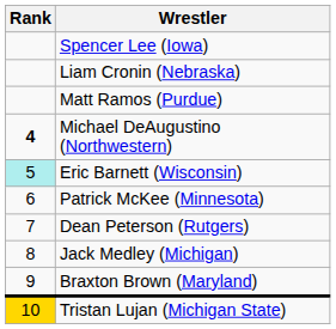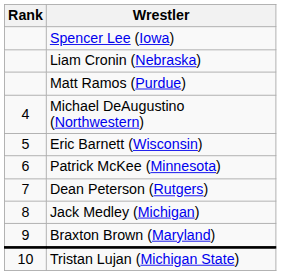 <table class="wikitable" style="text-align: center;">
 <tr>
 <th width="40">Rank</th>
 <th width="250">Wrestler</th>
 </tr>
 <tr>
 <td></td>
 <td align="left"><a href='#'>Spencer Lee</a> (<a href='#'>Iowa</a>)</td>
 </tr>
 <tr>
 <td></td>
 <td align="left">Liam Cronin (<a href='#'>Nebraska</a>)</td>
 </tr>
 <tr>
 <td></td>
 <td align="left">Matt Ramos (<a href='#'>Purdue</a>)</td>
 </tr>
 <tr>
-<td><strong>4</strong></td>
+<td>4</td>
 <td align="left">Michael DeAugustino (<a href='#'>Northwestern</a>)</td>
 </tr>
 <tr>
-<td style="background: paleturquoise;">5</td>
+<td>5</td>
 <td align="left">Eric Barnett (<a href='#'>Wisconsin</a>)</td>
 </tr>
 <tr>
 <td>6</td>
 <td align="left">Patrick McKee (<a href='#'>Minnesota</a>)</td>
 </tr>
 <tr>
 <td>7</td>
 <td align="left">Dean Peterson (<a href='#'>Rutgers</a>)</td>
 </tr>
 <tr>
 <td>8</td>
 <td align="left">Jack Medley (<a href='#'>Michigan</a>)</td>
 </tr>
 <tr>
 <td>9</td>
 <td align="left">Braxton Brown (<a href='#'>Maryland</a>)</td>
 </tr>
 <tr style="border-top:3px solid black">
-<td style="background: gold;">10</td>
+<td>10</td>
 <td align="left">Tristan Lujan (<a href='#'>Michigan State</a>)</td>
 </tr>
 </table>
